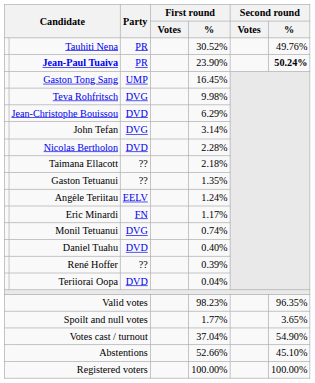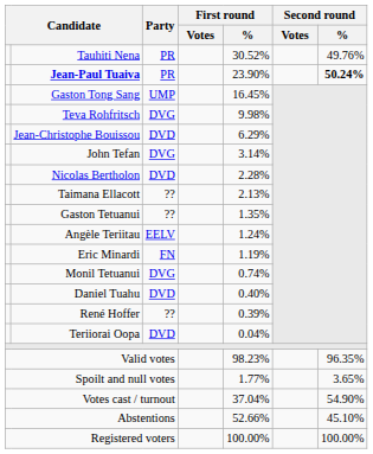 <table class="wikitable" style="text-align:right;font-size:95%;">
 <tr>
 <th rowspan=2 colspan=2>Candidate</th>
 <th rowspan=2 colspan=1>Party</th>
 <th colspan=2>First round</th>
 <th colspan=2>Second round</th>
 </tr>
 <tr>
 <th style="width:50px;">Votes</th>
 <th style="width:55px;">%</th>
 <th style="width:50px;">Votes</th>
 <th style="width:55px;">%</th>
 </tr>
 <tr>
 <td style="color:inherit;background-color:"></td>
 <td><a href='#'>Tauhiti Nena</a></td>
 <td><a href='#'>PR</a></td>
 <td></td>
 <td>30.52%</td>
 <td></td>
 <td>49.76%</td>
 </tr>
 <tr>
 <td style="color:inherit;background-color:"></td>
 <td><strong><a href='#'>Jean-Paul Tuaiva</a></strong></td>
 <td><a href='#'>PR</a></td>
 <td></td>
 <td>23.90%</td>
 <td><strong></strong></td>
 <td><strong>50.24%</strong></td>
 </tr>
 <tr>
 <td style="color:inherit;background-color:"></td>
 <td><a href='#'>Gaston Tong Sang</a></td>
 <td><a href='#'>UMP</a></td>
 <td></td>
 <td>16.45%</td>
 <td colspan=7 rowspan=13 style="background-color:#E9E9E9;"></td>
 </tr>
 <tr>
 <td style="color:inherit;background-color:"></td>
 <td><a href='#'>Teva Rohfritsch</a></td>
 <td><a href='#'>DVG</a></td>
 <td></td>
 <td>9.98%</td>
 </tr>
 <tr>
 <td style="color:inherit;background-color:"></td>
 <td><a href='#'>Jean-Christophe Bouissou</a></td>
 <td><a href='#'>DVD</a></td>
 <td></td>
 <td>6.29%</td>
 </tr>
 <tr>
 <td style="color:inherit;background-color:"></td>
 <td>John Tefan</td>
 <td><a href='#'>DVG</a></td>
 <td></td>
 <td>3.14%</td>
 </tr>
 <tr>
 <td style="color:inherit;background-color:"></td>
 <td><a href='#'>Nicolas Bertholon</a></td>
 <td><a href='#'>DVD</a></td>
 <td></td>
 <td>2.28%</td>
 </tr>
 <tr>
 <td style="background-color:;"></td>
 <td>Taimana Ellacott</td>
 <td>??</td>
 <td></td>
-<td>2.18%</td>
+<td>2.13%</td>
 </tr>
 <tr>
 <td style="background-color:;"></td>
 <td>Gaston Tetuanui</td>
 <td>??</td>
 <td></td>
 <td>1.35%</td>
 </tr>
 <tr>
 <td style="color:inherit;background-color:"></td>
 <td>Angèle Teriitau</td>
 <td><a href='#'>EELV</a></td>
 <td></td>
 <td>1.24%</td>
 </tr>
 <tr>
 <td style="color:inherit;background-color:"></td>
 <td>Eric Minardi</td>
 <td><a href='#'>FN</a></td>
 <td></td>
-<td>1.17%</td>
+<td>1.19%</td>
 </tr>
 <tr>
 <td style="color:inherit;background-color:"></td>
 <td>Monil Tetuanui</td>
 <td><a href='#'>DVG</a></td>
 <td></td>
 <td>0.74%</td>
 </tr>
 <tr>
 <td style="color:inherit;background-color:"></td>
 <td>Daniel Tuahu</td>
 <td><a href='#'>DVD</a></td>
 <td></td>
 <td>0.40%</td>
 </tr>
 <tr>
 <td style="background-color:;"></td>
 <td>René Hoffer</td>
 <td>??</td>
 <td></td>
 <td>0.39%</td>
 </tr>
 <tr>
 <td style="color:inherit;background-color:"></td>
 <td>Teriiorai Oopa</td>
 <td><a href='#'>DVD</a></td>
 <td></td>
 <td>0.04%</td>
 </tr>
 <tr>
 <td colspan=7 style="background-color:#E9E9E9;"></td>
 </tr>
 <tr>
 <td colspan=3>Valid votes</td>
 <td></td>
 <td>98.23%</td>
 <td></td>
 <td>96.35%</td>
 </tr>
 <tr>
 <td colspan=3>Spoilt and null votes</td>
 <td></td>
 <td>1.77%</td>
 <td></td>
 <td>3.65%</td>
 </tr>
 <tr>
 <td colspan=3>Votes cast / turnout</td>
 <td></td>
 <td>37.04%</td>
 <td></td>
 <td>54.90%</td>
 </tr>
 <tr>
 <td colspan=3>Abstentions</td>
 <td></td>
 <td>52.66%</td>
 <td></td>
 <td>45.10%</td>
 </tr>
 <tr>
 <td colspan=3>Registered voters</td>
 <td></td>
 <td>100.00%</td>
 <td></td>
 <td>100.00%</td>
 </tr>
 </table>
